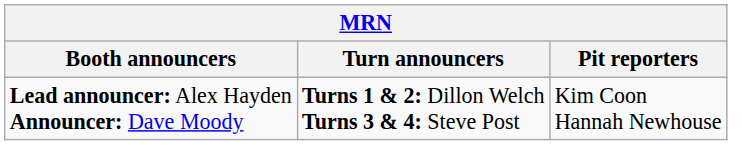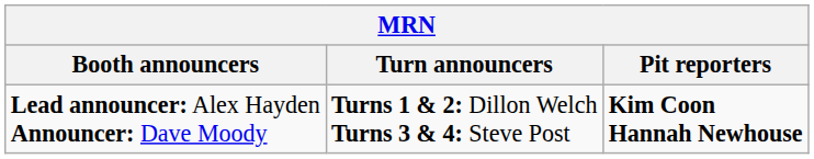 <table class="wikitable" style="font-size: 95%">
 <tr>
 <th colspan="3"><a href='#'>MRN</a></th>
 </tr>
 <tr>
 <th>Booth announcers</th>
 <th>Turn announcers</th>
 <th>Pit reporters</th>
 </tr>
 <tr>
 <td><strong>Lead announcer:</strong> Alex Hayden<br><strong>Announcer:</strong> <a href='#'>Dave Moody</a></td>
 <td><strong>Turns 1 & 2:</strong> Dillon Welch<br><strong>Turns 3 & 4:</strong> Steve Post</td>
-<td>Kim Coon<br>Hannah Newhouse</td>
+<td><strong>Kim Coon<br>Hannah Newhouse</strong></td>
 </tr>
 </table>
